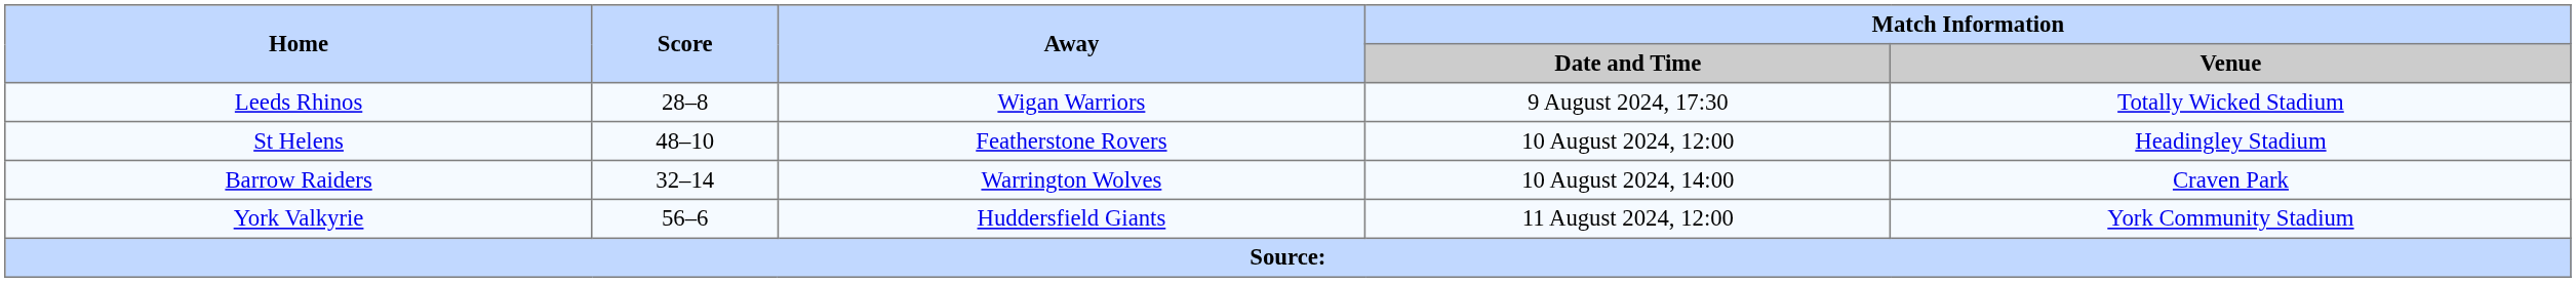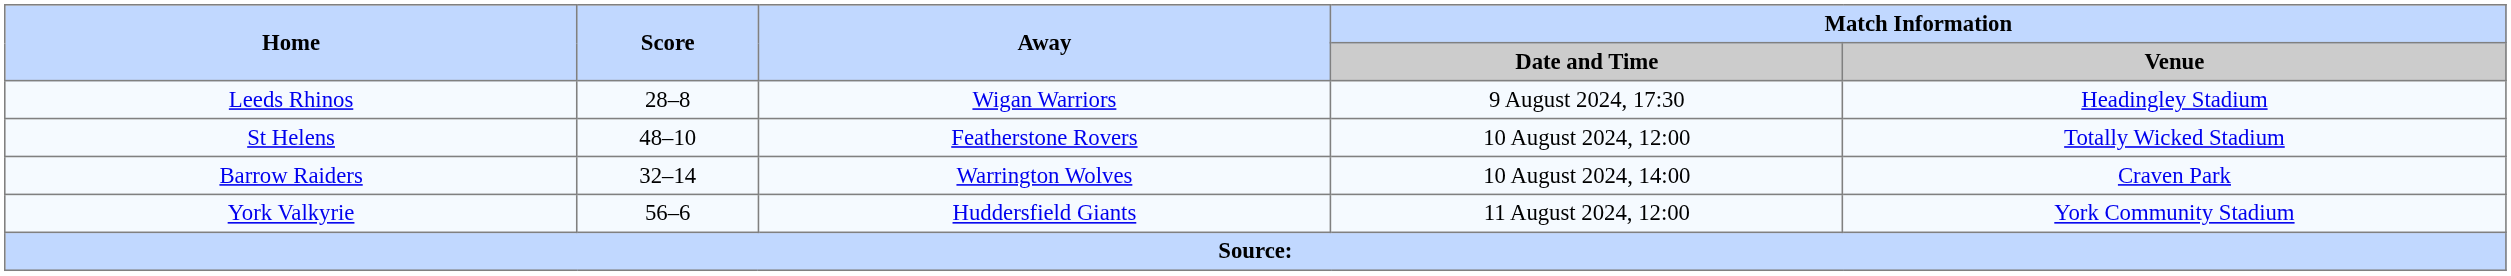 <table border=1 style="border-collapse:collapse; font-size:90%; text-align:center;" cellpadding=3 cellspacing=0 width=100%>
 <tr bgcolor=#C1D8FF>
 <th scope="col" rowspan=2 width=19%>Home</th>
 <th scope="col" rowspan=2 width=6%>Score</th>
 <th scope="col" rowspan=2 width=19%>Away</th>
 <th colspan=6>Match Information</th>
 </tr>
 <tr bgcolor=#CCCCCC>
 <th scope="col" width=17%>Date and Time</th>
 <th scope="col" width=22%>Venue</th>
 </tr>
 <tr bgcolor=#F5FAFF>
 <td> <a href='#'>Leeds Rhinos</a></td>
 <td>28–8</td>
 <td> <a href='#'>Wigan Warriors</a></td>
 <td>9 August 2024, 17:30</td>
-<td><a href='#'>Totally Wicked Stadium</a></td>
+<td><a href='#'>Headingley Stadium</a></td>
 </tr>
 <tr bgcolor=#F5FAFF>
 <td> <a href='#'>St Helens</a></td>
 <td>48–10</td>
 <td> <a href='#'>Featherstone Rovers</a></td>
 <td>10 August 2024, 12:00</td>
-<td><a href='#'>Headingley Stadium</a></td>
+<td><a href='#'>Totally Wicked Stadium</a></td>
 </tr>
 <tr bgcolor=#F5FAFF>
 <td> <a href='#'>Barrow Raiders</a></td>
 <td>32–14</td>
 <td> <a href='#'>Warrington Wolves</a></td>
 <td>10 August 2024, 14:00</td>
 <td><a href='#'>Craven Park</a></td>
 </tr>
 <tr bgcolor=#F5FAFF>
 <td> <a href='#'>York Valkyrie</a></td>
 <td>56–6</td>
 <td> <a href='#'>Huddersfield Giants</a></td>
 <td>11 August 2024, 12:00</td>
 <td><a href='#'>York Community Stadium</a></td>
 </tr>
 <tr style="background:#c1d8ff;">
 <th colspan=7>Source:</th>
 </tr>
 </table>
